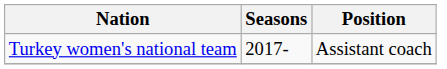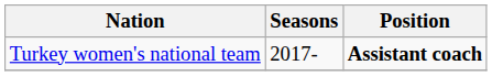 <table class="wikitable">
 <tr>
 <th>Nation</th>
 <th>Seasons</th>
 <th>Position</th>
 </tr>
 <tr>
 <td> <a href='#'>Turkey women's national team</a></td>
 <td>2017-</td>
-<td>Assistant coach</td>
+<td><strong>Assistant coach</strong></td>
 </tr>
 <tr>
 </tr>
 </table>
